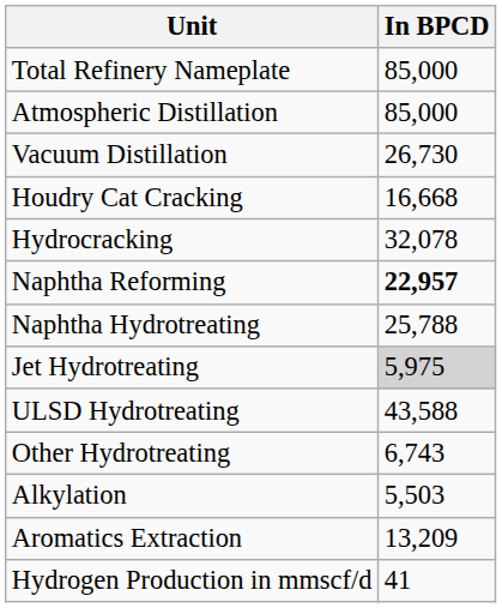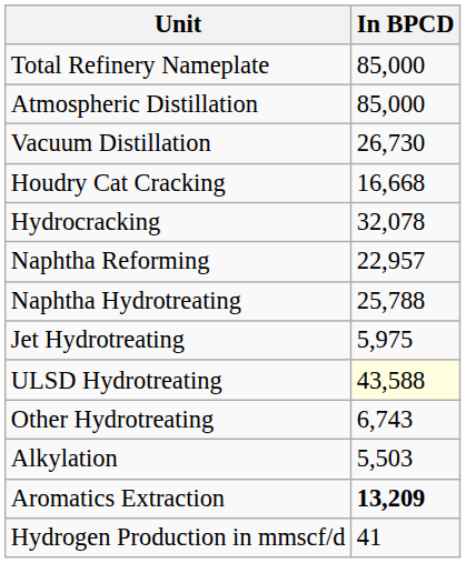 <table class="wikitable">
 <tr>
 <th>Unit</th>
 <th>In BPCD</th>
 </tr>
 <tr>
 <td>Total Refinery Nameplate</td>
 <td>85,000</td>
 </tr>
 <tr>
 <td>Atmospheric Distillation</td>
 <td>85,000</td>
 </tr>
 <tr>
 <td>Vacuum Distillation</td>
 <td>26,730</td>
 </tr>
 <tr>
 <td>Houdry Cat Cracking</td>
 <td>16,668</td>
 </tr>
 <tr>
 <td>Hydrocracking</td>
 <td>32,078</td>
 </tr>
 <tr>
 <td>Naphtha Reforming</td>
-<td><strong>22,957</strong></td>
+<td>22,957</td>
 </tr>
 <tr>
 <td>Naphtha Hydrotreating</td>
 <td>25,788</td>
 </tr>
 <tr>
 <td>Jet Hydrotreating</td>
-<td style="background: lightgrey;">5,975</td>
+<td>5,975</td>
 </tr>
 <tr>
 <td>ULSD Hydrotreating</td>
-<td>43,588</td>
+<td style="background: lightyellow;">43,588</td>
 </tr>
 <tr>
 <td>Other Hydrotreating</td>
 <td>6,743</td>
 </tr>
 <tr>
 <td>Alkylation</td>
 <td>5,503</td>
 </tr>
 <tr>
 <td>Aromatics Extraction</td>
-<td>13,209</td>
+<td><strong>13,209</strong></td>
 </tr>
 <tr>
 <td>Hydrogen Production in mmscf/d</td>
 <td>41</td>
 </tr>
 </table>
